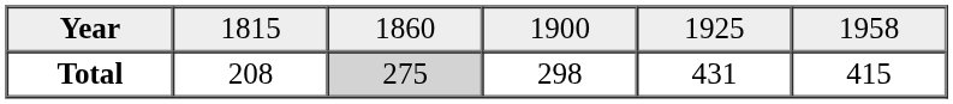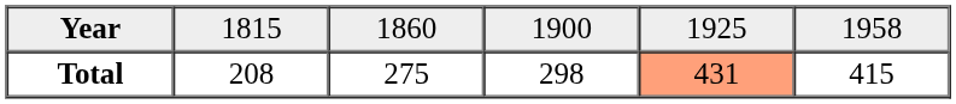 <table border="1" cellpadding="2" cellspacing="0" width="500">
 <tr bgcolor="#eeeeee" align="center">
 <td><strong>Year</strong></td>
 <td>1815</td>
 <td>1860</td>
 <td>1900</td>
 <td>1925</td>
 <td>1958</td>
 </tr>
 <tr align="center">
 <td><strong>Total</strong></td>
 <td>208</td>
-<td style="background: lightgrey;">275</td>
+<td>275</td>
 <td>298</td>
-<td>431</td>
+<td style="background: lightsalmon;">431</td>
 <td>415</td>
 </tr>
 </table>
